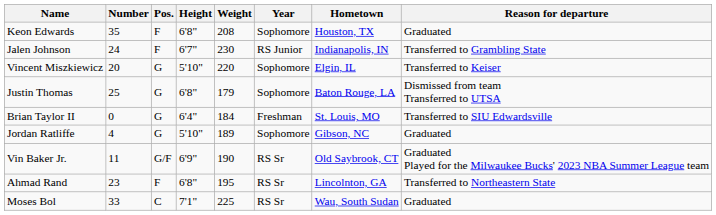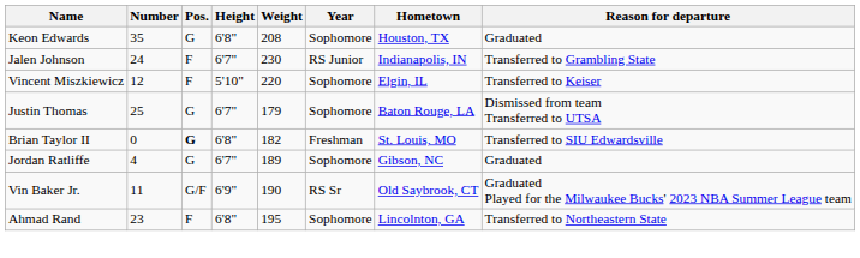 <table class="wikitable sortable" border="1">
 <tr>
 <th>Name</th>
 <th>Number</th>
 <th>Pos.</th>
 <th>Height</th>
 <th>Weight</th>
 <th>Year</th>
 <th>Hometown</th>
 <th>Reason for departure</th>
 </tr>
 <tr>
 <td>Keon Edwards</td>
 <td>35</td>
-<td>F</td>
+<td>G</td>
 <td>6'8"</td>
 <td>208</td>
 <td>Sophomore</td>
 <td><a href='#'>Houston, TX</a></td>
 <td>Graduated</td>
 </tr>
 <tr>
 <td>Jalen Johnson</td>
 <td>24</td>
 <td>F</td>
 <td>6'7"</td>
 <td>230</td>
 <td>RS Junior</td>
 <td><a href='#'>Indianapolis, IN</a></td>
 <td>Transferred to <a href='#'>Grambling State</a></td>
 </tr>
 <tr>
 <td>Vincent Miszkiewicz</td>
-<td>20</td>
-<td>G</td>
+<td>12</td>
+<td>F</td>
 <td>5'10"</td>
 <td>220</td>
 <td>Sophomore</td>
 <td><a href='#'>Elgin, IL</a></td>
 <td>Transferred to <a href='#'>Keiser</a></td>
 </tr>
 <tr>
 <td>Justin Thomas</td>
 <td>25</td>
 <td>G</td>
-<td>6'8"</td>
+<td>6'7"</td>
 <td>179</td>
 <td>Sophomore</td>
 <td><a href='#'>Baton Rouge, LA</a></td>
 <td>Dismissed from team<br>Transferred to <a href='#'>UTSA</a></td>
 </tr>
 <tr>
 <td>Brian Taylor II</td>
 <td>0</td>
-<td>G</td>
-<td>6'4"</td>
-<td>184</td>
+<td><strong>G</strong></td>
+<td>6'8"</td>
+<td>182</td>
 <td>Freshman</td>
 <td><a href='#'>St. Louis, MO</a></td>
 <td>Transferred to <a href='#'>SIU Edwardsville</a></td>
 </tr>
 <tr>
 <td>Jordan Ratliffe</td>
 <td>4</td>
 <td>G</td>
-<td>5'10"</td>
+<td>6'7"</td>
 <td>189</td>
 <td>Sophomore</td>
 <td><a href='#'>Gibson, NC</a></td>
 <td>Graduated</td>
 </tr>
 <tr>
 <td>Vin Baker Jr.</td>
 <td>11</td>
 <td>G/F</td>
 <td>6'9"</td>
 <td>190</td>
 <td>RS Sr</td>
 <td><a href='#'>Old Saybrook, CT</a></td>
 <td>Graduated<br>Played for the <a href='#'>Milwaukee Bucks</a>' <a href='#'>2023 NBA Summer League</a> team</td>
 </tr>
 <tr>
 <td>Ahmad Rand</td>
 <td>23</td>
 <td>F</td>
 <td>6'8"</td>
 <td>195</td>
-<td>RS Sr</td>
+<td>Sophomore</td>
 <td><a href='#'>Lincolnton, GA</a></td>
 <td>Transferred to <a href='#'>Northeastern State</a></td>
 </tr>
-<tr>
-<td>Moses Bol</td>
-<td>33</td>
-<td>C</td>
-<td>7'1"</td>
-<td>225</td>
-<td>RS Sr</td>
-<td><a href='#'>Wau, South Sudan</a></td>
-<td>Graduated</td>
-</tr>
 </table>
